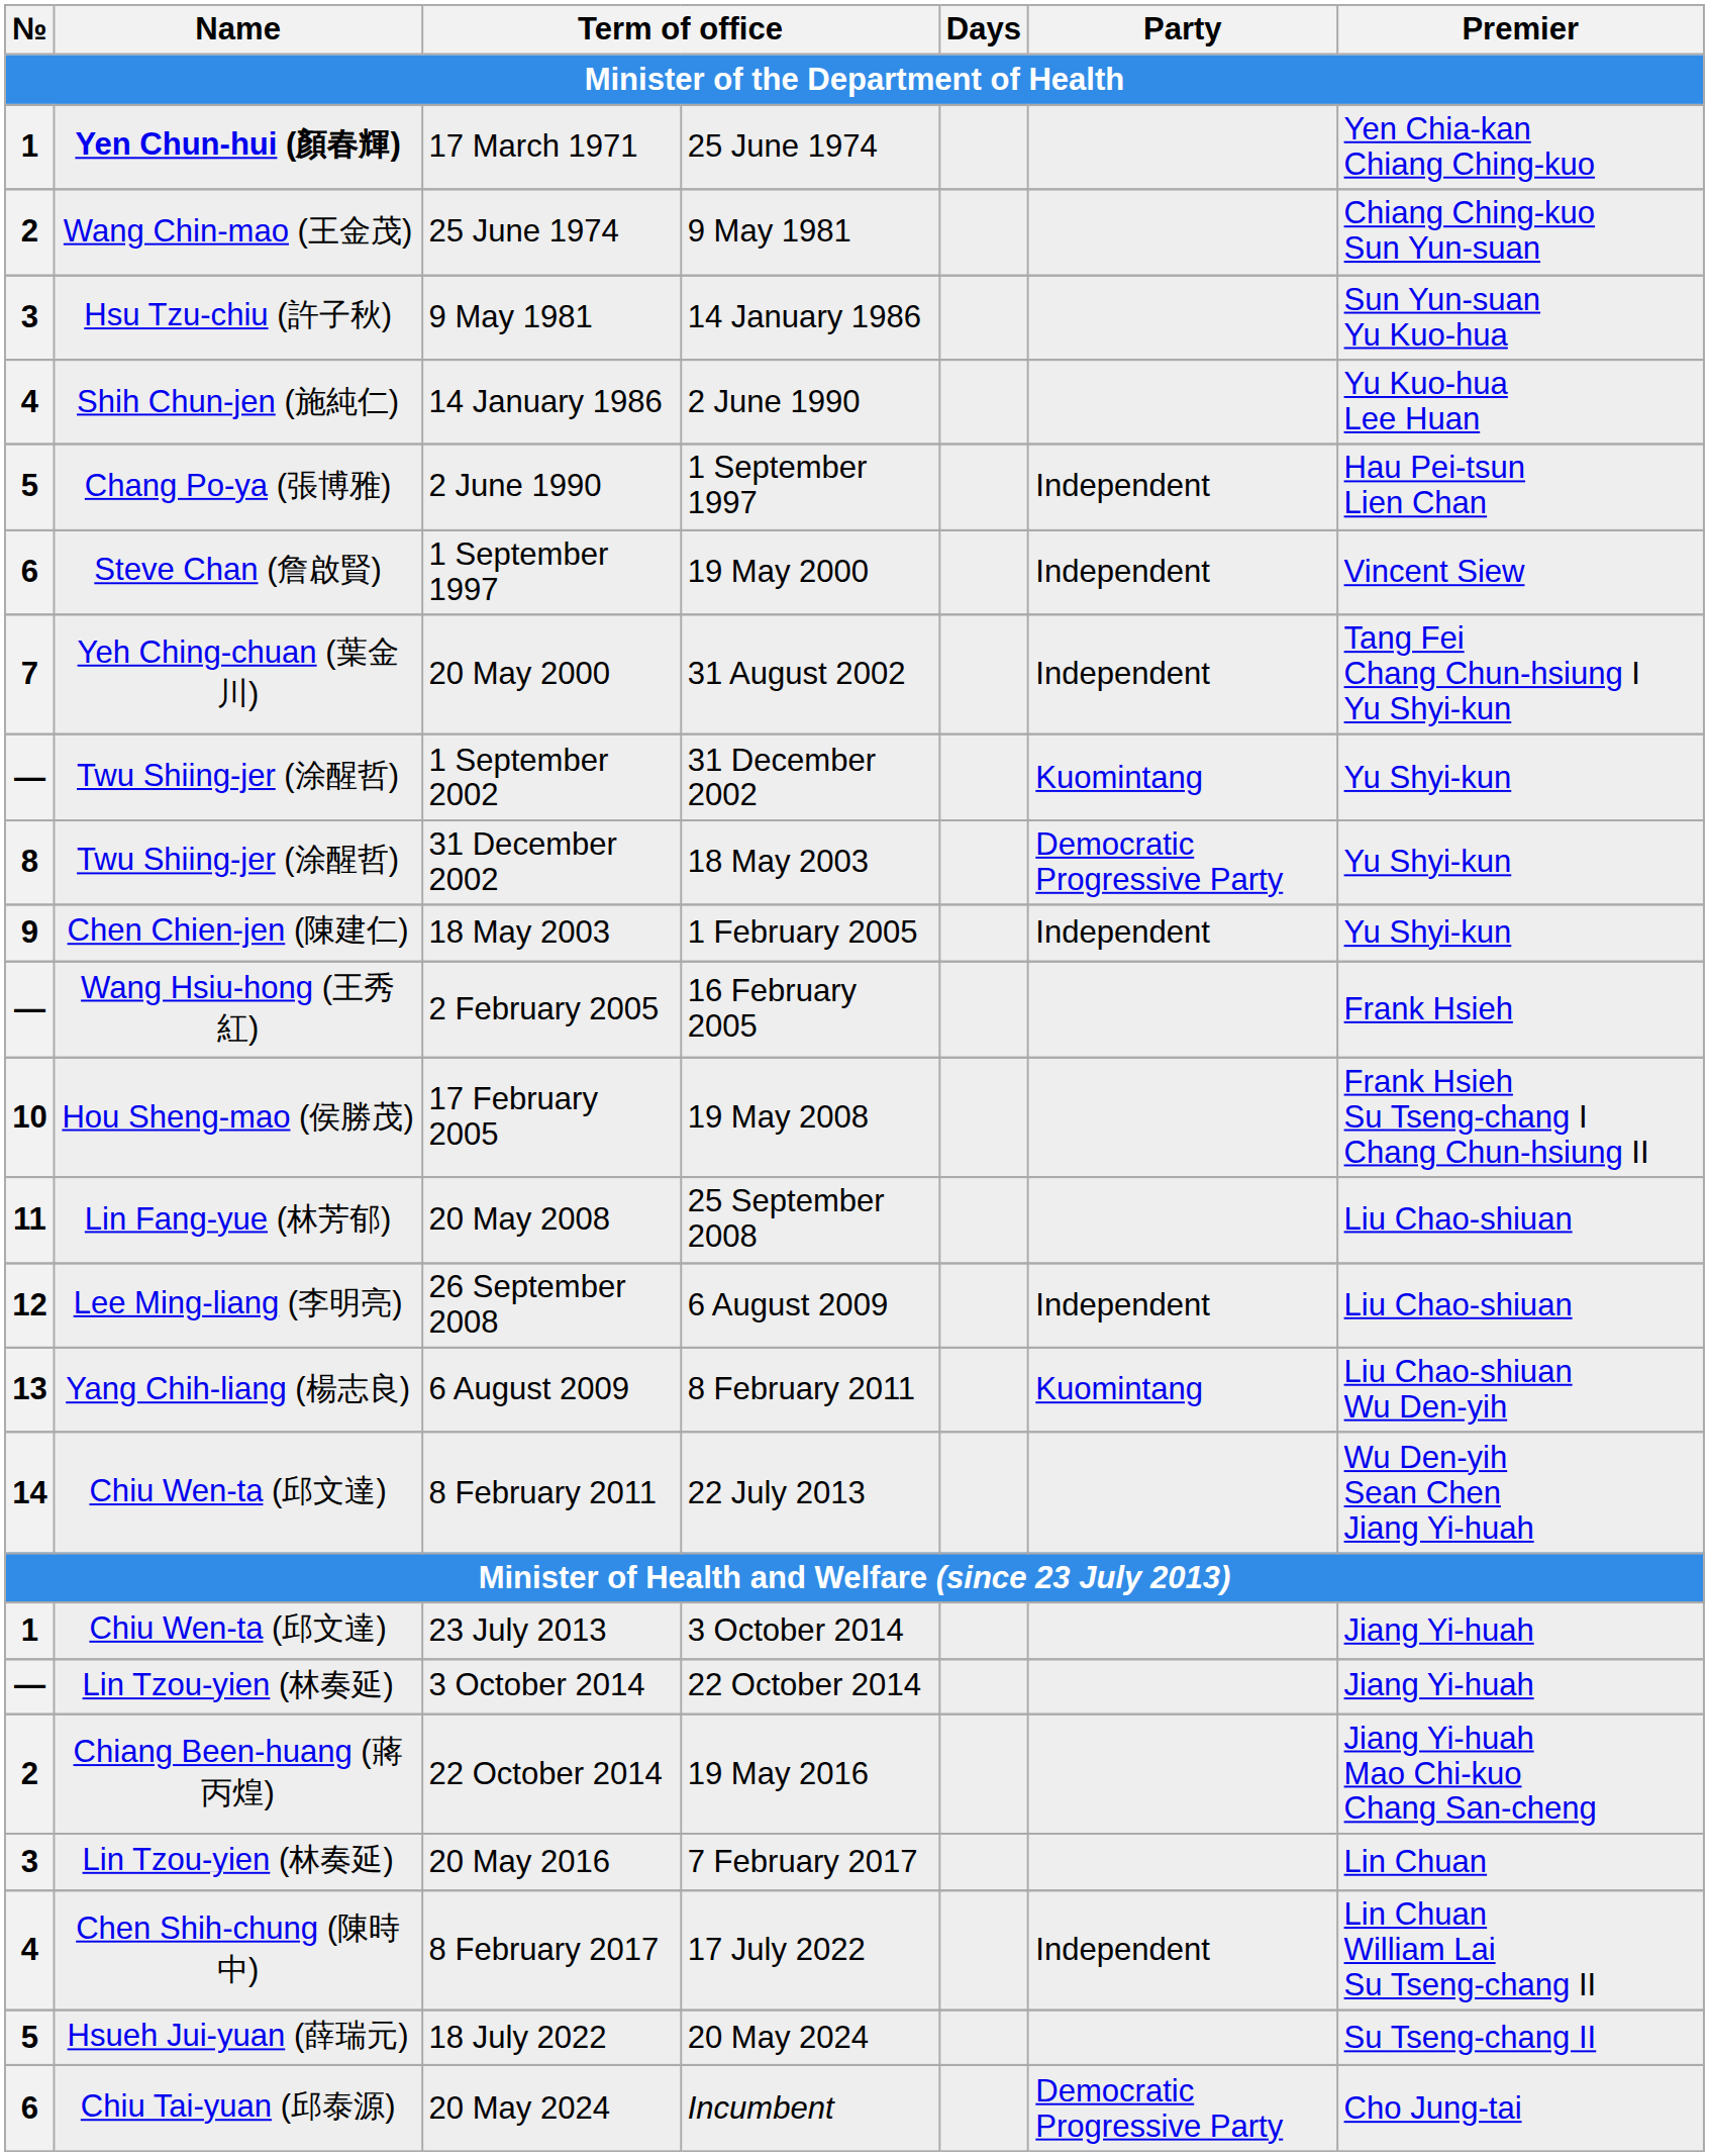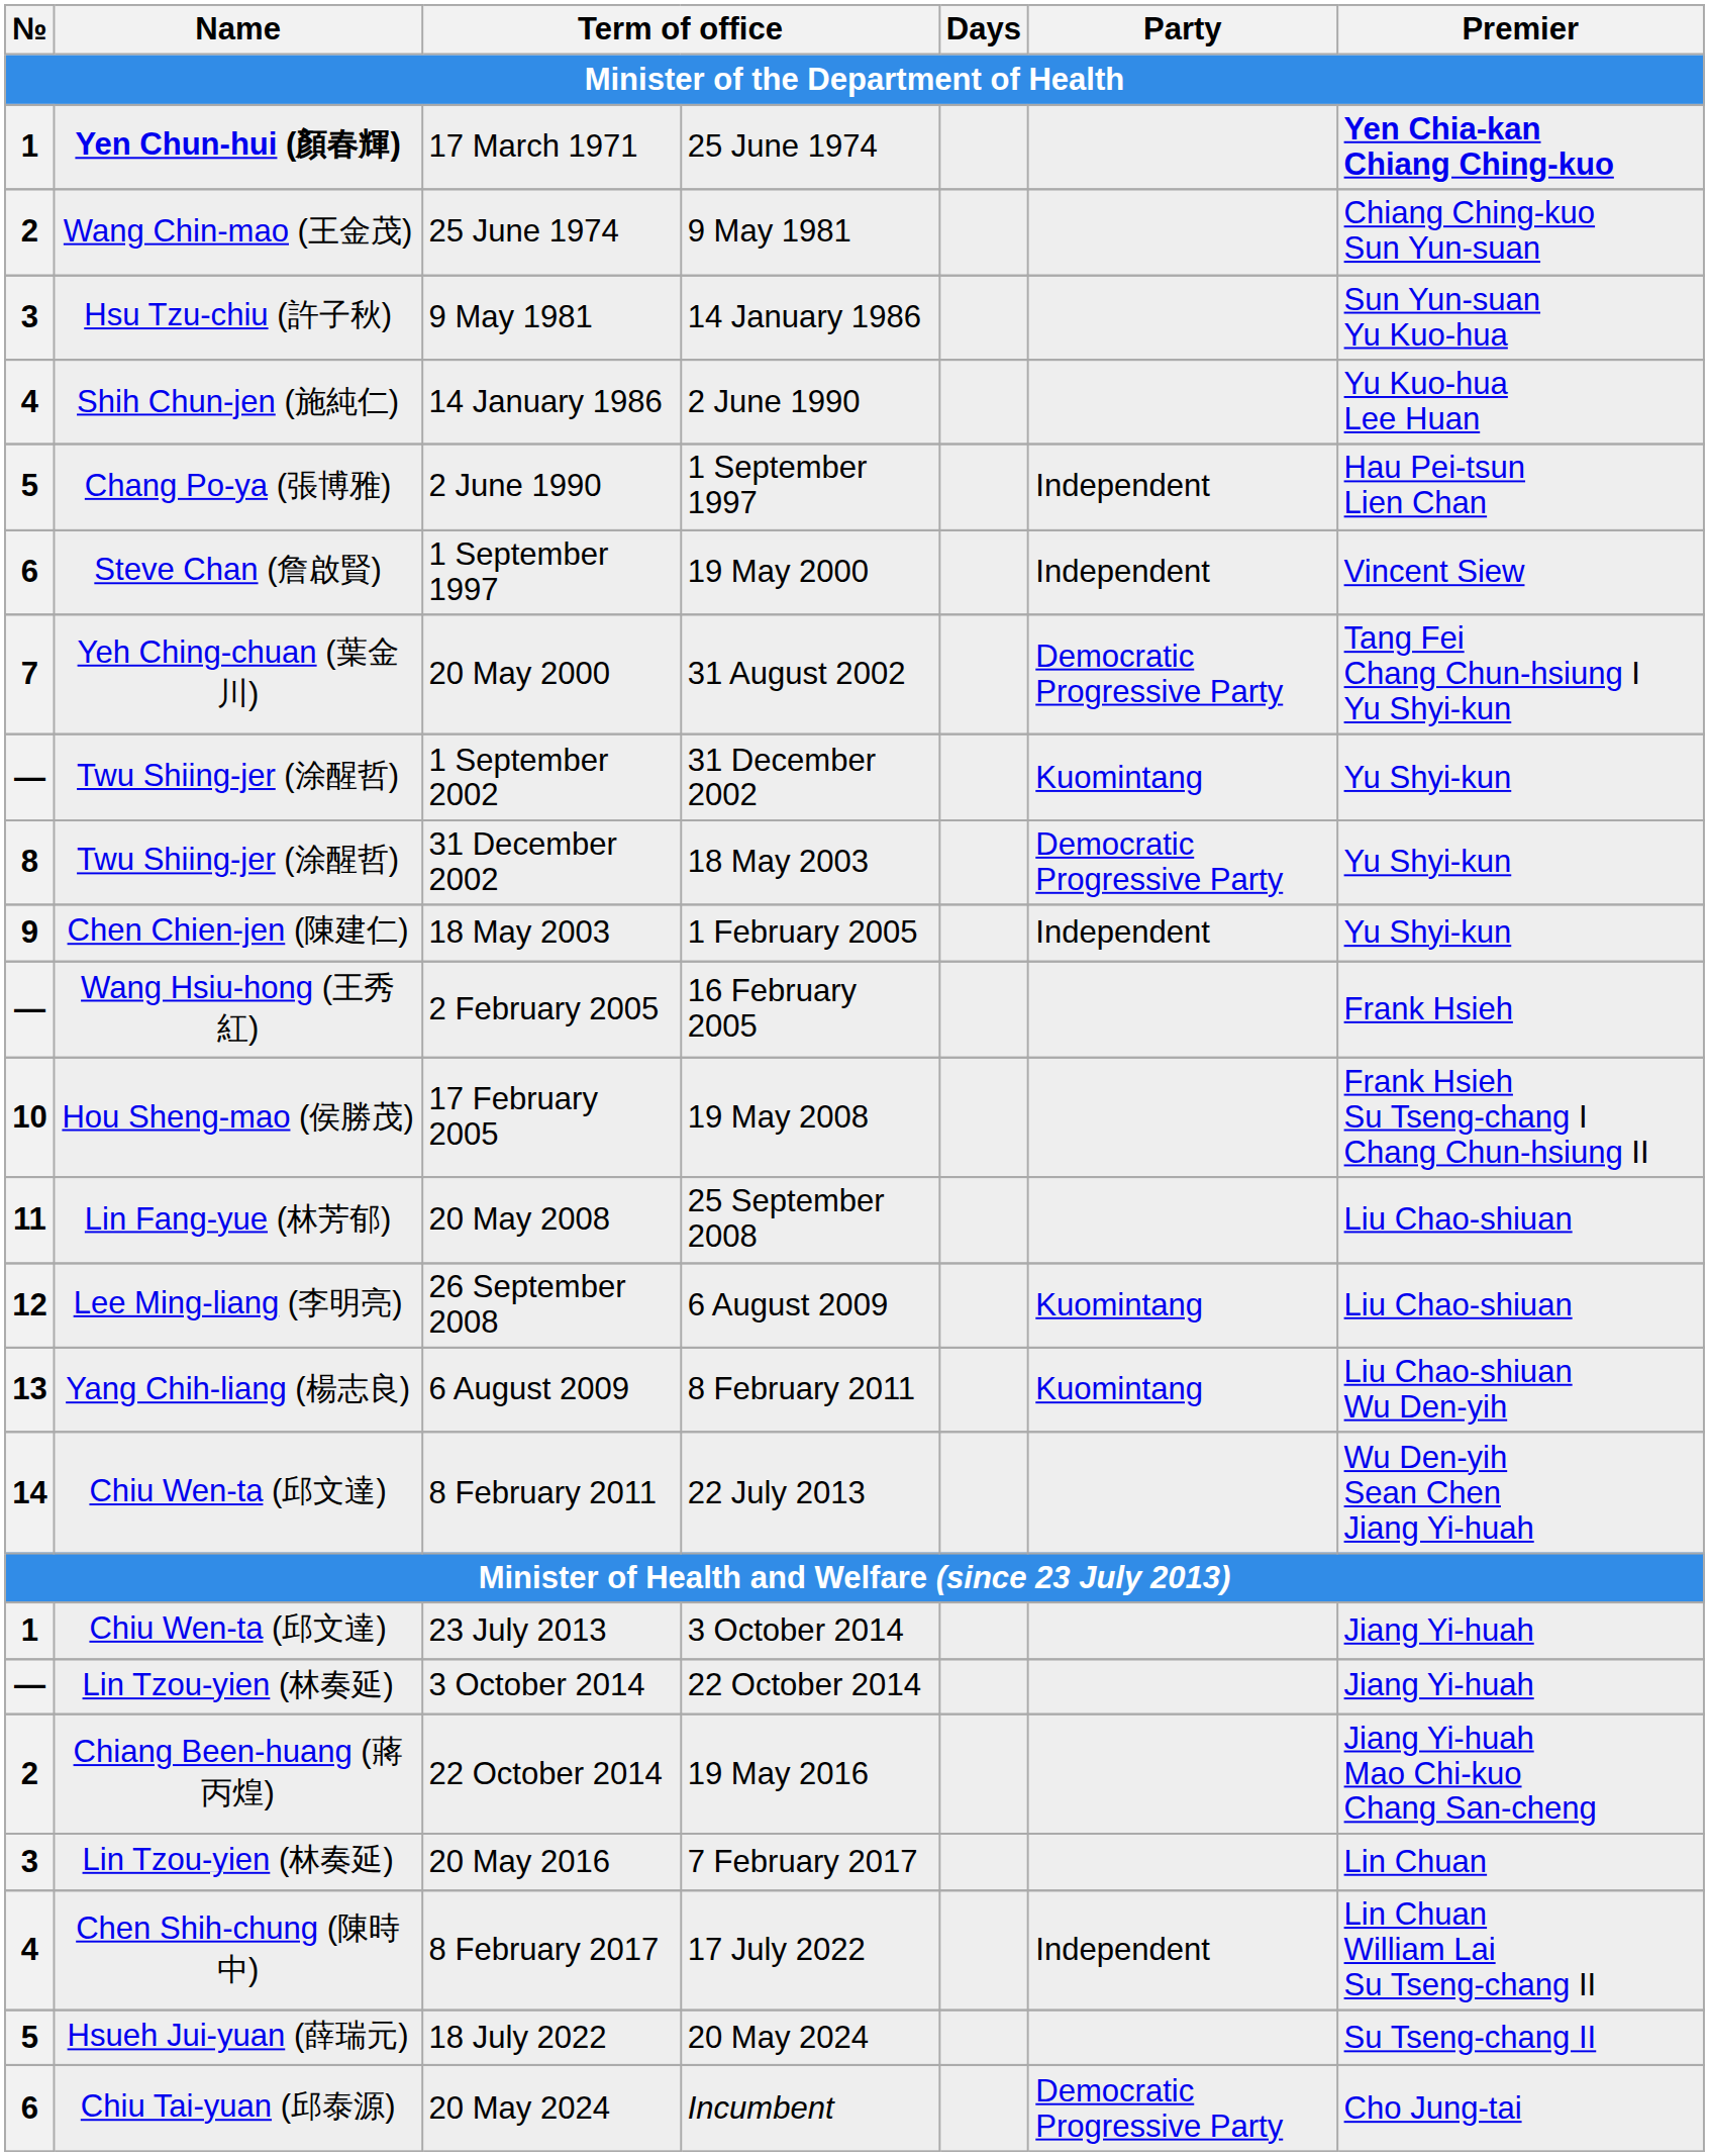 <table class="wikitable">
 <tr ->
 <th>№</th>
 <th width="180">Name</th>
 <th colspan=2 width="180">Term of office</th>
 <th>Days</th>
 <th width="150">Party</th>
 <th width="180">Premier</th>
 </tr>
 <tr ->
 <th colspan=7 style="background:#318CE7; color:white;">Minister of the Department of Health</th>
 </tr>
 <tr ->
 </tr>
 <tr - bgcolor=#EEEEEE>
 <th style="background:">1</th>
 <td align=center><strong><a href='#'>Yen Chun-hui</a> (顏春輝)</strong></td>
 <td>17 March 1971</td>
 <td>25 June 1974</td>
 <td></td>
 <td></td>
-<td><a href='#'>Yen Chia-kan</a><br><a href='#'>Chiang Ching-kuo</a></td>
+<td><strong><a href='#'>Yen Chia-kan</a><br><a href='#'>Chiang Ching-kuo</a></strong></td>
 </tr>
 <tr ->
 </tr>
 <tr - bgcolor=#EEEEEE>
 <th style="background:">2</th>
 <td align=center><a href='#'>Wang Chin-mao</a> (王金茂)</td>
 <td>25 June 1974</td>
 <td>9 May 1981</td>
 <td></td>
 <td></td>
 <td><a href='#'>Chiang Ching-kuo</a><br><a href='#'>Sun Yun-suan</a></td>
 </tr>
 <tr ->
 </tr>
 <tr - bgcolor=#EEEEEE>
 <th style="background:">3</th>
 <td align=center><a href='#'>Hsu Tzu-chiu</a> (許子秋)</td>
 <td>9 May 1981</td>
 <td>14 January 1986</td>
 <td></td>
 <td></td>
 <td><a href='#'>Sun Yun-suan</a><br><a href='#'>Yu Kuo-hua</a></td>
 </tr>
 <tr ->
 </tr>
 <tr - bgcolor=#EEEEEE>
 <th style="background:">4</th>
 <td align=center><a href='#'>Shih Chun-jen</a> (施純仁)</td>
 <td>14 January 1986</td>
 <td>2 June 1990</td>
 <td></td>
 <td></td>
 <td><a href='#'>Yu Kuo-hua</a><br><a href='#'>Lee Huan</a></td>
 </tr>
 <tr ->
 </tr>
 <tr - bgcolor=#EEEEEE>
 <th style="background:">5</th>
 <td align=center><a href='#'>Chang Po-ya</a> (張博雅)</td>
 <td>2 June 1990</td>
 <td>1 September 1997</td>
 <td></td>
 <td>Independent</td>
 <td><a href='#'>Hau Pei-tsun</a><br><a href='#'>Lien Chan</a></td>
 </tr>
 <tr ->
 </tr>
 <tr - bgcolor=#EEEEEE>
 <th style="background:">6</th>
 <td align=center><a href='#'>Steve Chan</a> (詹啟賢)</td>
 <td>1 September 1997</td>
 <td>19 May 2000</td>
 <td></td>
 <td>Independent </td>
 <td><a href='#'>Vincent Siew</a></td>
 </tr>
 <tr ->
 </tr>
 <tr - bgcolor=#EEEEEE>
 <th style="background:">7</th>
 <td align=center><a href='#'>Yeh Ching-chuan</a> (葉金川)</td>
 <td>20 May 2000</td>
 <td>31 August 2002</td>
 <td></td>
-<td>Independent</td>
+<td><a href='#'>Democratic Progressive Party</a></td>
 <td><a href='#'>Tang Fei</a><br><a href='#'>Chang Chun-hsiung</a> I<br><a href='#'>Yu Shyi-kun</a></td>
 </tr>
 <tr ->
 </tr>
 <tr - bgcolor=#EEEEEE>
 <th style="background:">—</th>
 <td align=center><a href='#'>Twu Shiing-jer</a> (涂醒哲)</td>
 <td>1 September 2002</td>
 <td>31 December 2002</td>
 <td></td>
 <td><a href='#'>Kuomintang</a></td>
 <td><a href='#'>Yu Shyi-kun</a></td>
 </tr>
 <tr ->
 </tr>
 <tr - bgcolor=#EEEEEE>
 <th style="background:">8</th>
 <td align=center><a href='#'>Twu Shiing-jer</a> (涂醒哲)</td>
 <td>31 December 2002</td>
 <td>18 May 2003</td>
 <td></td>
 <td><a href='#'>Democratic Progressive Party</a></td>
 <td><a href='#'>Yu Shyi-kun</a></td>
 </tr>
 <tr ->
 </tr>
 <tr - bgcolor=#EEEEEE>
 <th style="background:">9</th>
 <td align=center><a href='#'>Chen Chien-jen</a> (陳建仁)</td>
 <td>18 May 2003</td>
 <td>1 February 2005</td>
 <td></td>
 <td>Independent</td>
 <td><a href='#'>Yu Shyi-kun</a></td>
 </tr>
 <tr ->
 </tr>
 <tr - bgcolor=#EEEEEE>
 <th style="background:">—</th>
 <td align=center><a href='#'>Wang Hsiu-hong</a> (王秀紅)</td>
 <td>2 February 2005</td>
 <td>16 February 2005</td>
 <td></td>
 <td></td>
 <td><a href='#'>Frank Hsieh</a></td>
 </tr>
 <tr ->
 </tr>
 <tr - bgcolor=#EEEEEE>
 <th style="background:">10</th>
 <td align=center><a href='#'>Hou Sheng-mao</a> (侯勝茂)</td>
 <td>17 February 2005</td>
 <td>19 May 2008</td>
 <td></td>
 <td></td>
 <td><a href='#'>Frank Hsieh</a><br><a href='#'>Su Tseng-chang</a> I<br><a href='#'>Chang Chun-hsiung</a> II</td>
 </tr>
 <tr ->
 </tr>
 <tr - bgcolor=#EEEEEE>
 <th style="background:">11</th>
 <td align=center><a href='#'>Lin Fang-yue</a> (林芳郁)</td>
 <td>20 May 2008</td>
 <td>25 September 2008</td>
 <td></td>
 <td></td>
 <td><a href='#'>Liu Chao-shiuan</a></td>
 </tr>
 <tr ->
 </tr>
 <tr - bgcolor=#EEEEEE>
 <th style="background:">12</th>
 <td align=center><a href='#'>Lee Ming-liang</a> (李明亮)</td>
 <td>26 September 2008</td>
 <td>6 August 2009</td>
 <td></td>
-<td>Independent </td>
+<td><a href='#'>Kuomintang</a></td>
 <td><a href='#'>Liu Chao-shiuan</a></td>
 </tr>
 <tr ->
 </tr>
 <tr - bgcolor=#EEEEEE>
 <th style="background:">13</th>
 <td align=center><a href='#'>Yang Chih-liang</a> (楊志良)</td>
 <td>6 August 2009</td>
 <td>8 February 2011</td>
 <td></td>
 <td><a href='#'>Kuomintang</a></td>
 <td><a href='#'>Liu Chao-shiuan</a><br><a href='#'>Wu Den-yih</a></td>
 </tr>
 <tr ->
 </tr>
 <tr - bgcolor=#EEEEEE>
 <th style="background:">14</th>
 <td align=center><a href='#'>Chiu Wen-ta</a> (邱文達)</td>
 <td>8 February 2011</td>
 <td>22 July 2013</td>
 <td></td>
 <td></td>
 <td><a href='#'>Wu Den-yih</a><br><a href='#'>Sean Chen</a><br><a href='#'>Jiang Yi-huah</a></td>
 </tr>
 <tr ->
 <th colspan=7 style="background:#318CE7; color:white;">Minister of Health and Welfare <em>(since 23 July 2013)</em></th>
 </tr>
 <tr ->
 </tr>
 <tr - bgcolor=#EEEEEE>
 <th style="background:">1</th>
 <td align=center><a href='#'>Chiu Wen-ta</a> (邱文達)</td>
 <td>23 July 2013</td>
 <td>3 October 2014</td>
 <td></td>
 <td></td>
 <td><a href='#'>Jiang Yi-huah</a></td>
 </tr>
 <tr ->
 </tr>
 <tr - bgcolor=#EEEEEE>
 <th style="background:">—</th>
 <td align=center><a href='#'>Lin Tzou-yien</a> (林奏延)</td>
 <td>3 October 2014</td>
 <td>22 October 2014</td>
 <td></td>
 <td></td>
 <td><a href='#'>Jiang Yi-huah</a></td>
 </tr>
 <tr ->
 </tr>
 <tr - bgcolor=#EEEEEE>
 <th style="background:">2</th>
 <td align=center><a href='#'>Chiang Been-huang</a> (蔣丙煌)</td>
 <td>22 October 2014</td>
 <td>19 May 2016</td>
 <td></td>
 <td></td>
 <td><a href='#'>Jiang Yi-huah</a><br><a href='#'>Mao Chi-kuo</a><br><a href='#'>Chang San-cheng</a></td>
 </tr>
 <tr ->
 </tr>
 <tr - bgcolor=#EEEEEE>
 <th style="background:">3</th>
 <td align=center><a href='#'>Lin Tzou-yien</a> (林奏延)</td>
 <td>20 May 2016</td>
 <td>7 February 2017</td>
 <td></td>
 <td></td>
 <td><a href='#'>Lin Chuan</a></td>
 </tr>
 <tr ->
 </tr>
 <tr - bgcolor=#EEEEEE>
 <th style="background:">4</th>
 <td align=center><a href='#'>Chen Shih-chung</a> (陳時中)</td>
 <td>8 February 2017</td>
 <td>17 July 2022</td>
 <td></td>
 <td>Independent</td>
 <td><a href='#'>Lin Chuan</a><br><a href='#'>William Lai</a><br><a href='#'>Su Tseng-chang</a> II</td>
 </tr>
 <tr ->
 </tr>
 <tr - bgcolor=#EEEEEE>
 <th style="background:">5</th>
 <td align=center><a href='#'>Hsueh Jui-yuan</a> (薛瑞元)</td>
 <td>18 July 2022</td>
 <td>20 May 2024</td>
 <td></td>
 <td></td>
 <td><a href='#'>Su Tseng-chang II</a></td>
 </tr>
 <tr ->
 </tr>
 <tr - bgcolor=#EEEEEE>
 <th style="background:">6</th>
 <td align=center><a href='#'>Chiu Tai-yuan</a> (邱泰源)</td>
 <td>20 May 2024</td>
 <td><em>Incumbent</em></td>
 <td></td>
 <td><a href='#'>Democratic Progressive Party</a></td>
 <td><a href='#'>Cho Jung-tai</a></td>
 </tr>
 </table>
